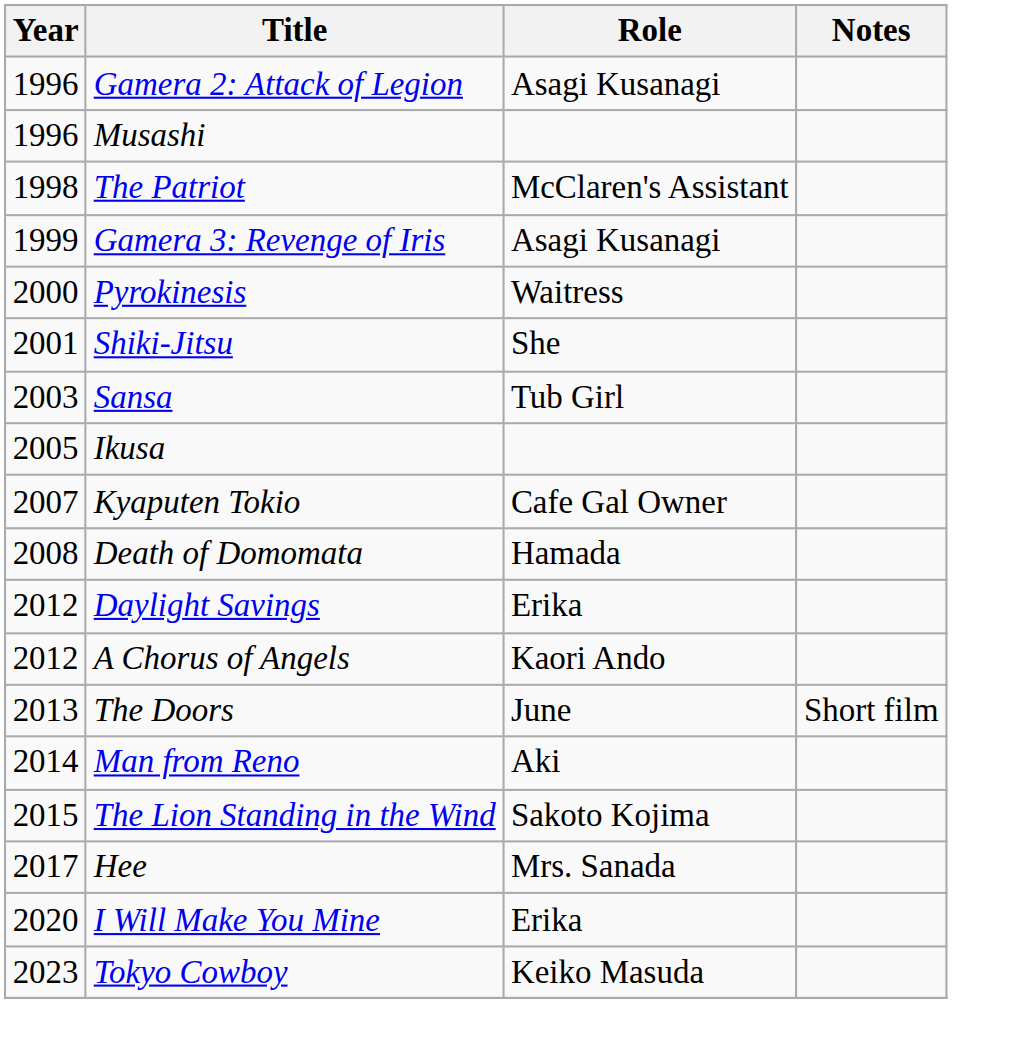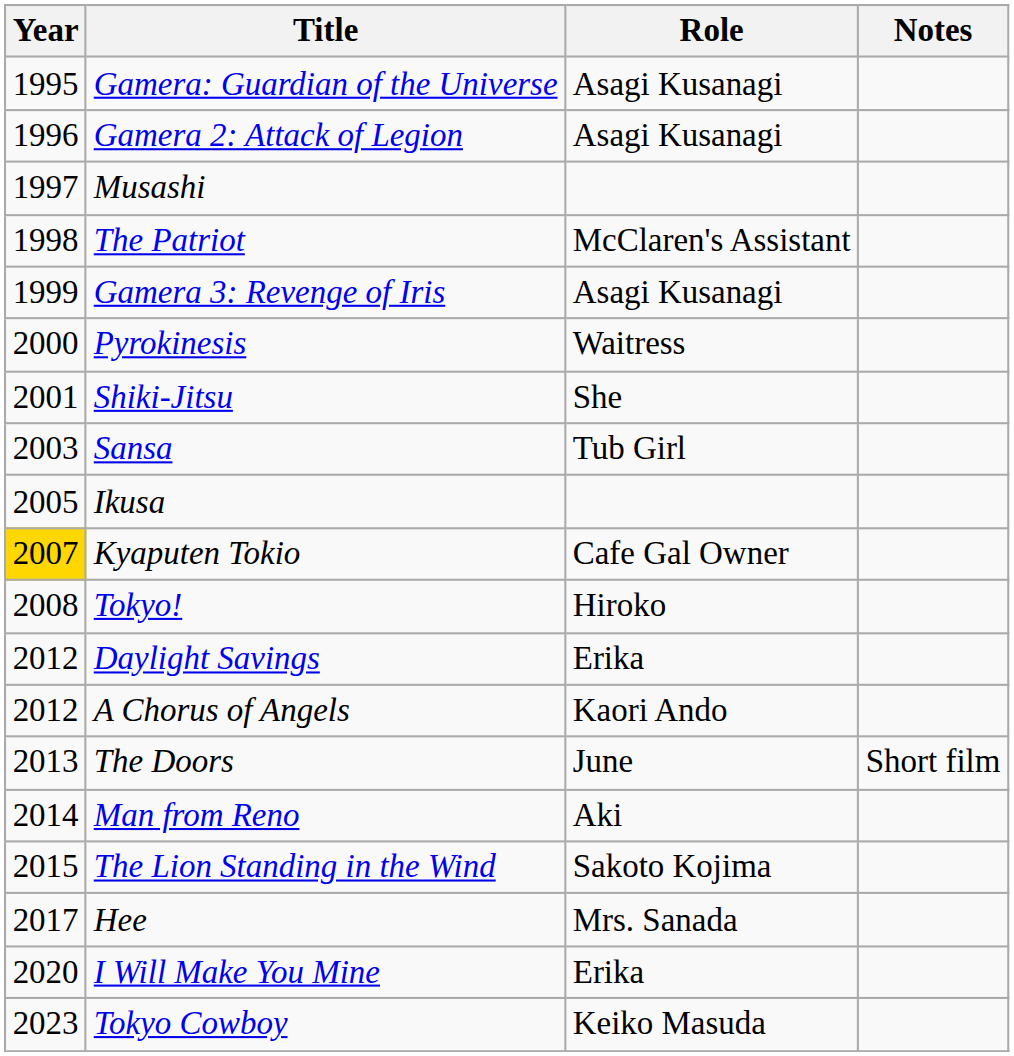 <table class="wikitable sortable">
 <tr>
 <th>Year</th>
 <th>Title</th>
 <th>Role</th>
 <th>Notes</th>
 </tr>
 <tr>
+<td>1995</td>
+<td><em><a href='#'>Gamera: Guardian of the Universe</a></em></td>
+<td>Asagi Kusanagi</td>
+<td></td>
+</tr>
+<tr>
 <td>1996</td>
 <td><em><a href='#'>Gamera 2: Attack of Legion</a></em></td>
 <td>Asagi Kusanagi</td>
 <td></td>
 </tr>
 <tr>
-<td>1996</td>
+<td>1997</td>
 <td><em>Musashi</em></td>
 <td></td>
 <td></td>
 </tr>
 <tr>
 <td>1998</td>
 <td><em><a href='#'>The Patriot</a></em></td>
 <td>McClaren's Assistant</td>
 <td></td>
 </tr>
 <tr>
 <td>1999</td>
 <td><em><a href='#'>Gamera 3: Revenge of Iris</a></em></td>
 <td>Asagi Kusanagi</td>
 <td></td>
 </tr>
 <tr>
 <td>2000</td>
 <td><em><a href='#'>Pyrokinesis</a></em></td>
 <td>Waitress</td>
 <td></td>
 </tr>
 <tr>
 <td>2001</td>
 <td><em><a href='#'>Shiki-Jitsu</a></em></td>
 <td>She</td>
 <td></td>
 </tr>
 <tr>
 <td>2003</td>
 <td><em><a href='#'>Sansa</a></em></td>
 <td>Tub Girl</td>
 <td></td>
 </tr>
 <tr>
 <td>2005</td>
 <td><em>Ikusa</em></td>
 <td></td>
 <td></td>
 </tr>
 <tr>
-<td>2007</td>
+<td style="background: gold;">2007</td>
 <td><em>Kyaputen Tokio</em></td>
 <td>Cafe Gal Owner</td>
 <td></td>
 </tr>
 <tr>
 <td>2008</td>
-<td><em>Death of Domomata</em></td>
-<td>Hamada</td>
+<td><em><a href='#'>Tokyo!</a></em></td>
+<td>Hiroko</td>
 <td></td>
 </tr>
 <tr>
 <td>2012</td>
 <td><em><a href='#'>Daylight Savings</a></em></td>
 <td>Erika</td>
 <td></td>
 </tr>
 <tr>
 <td>2012</td>
 <td><em>A Chorus of Angels</em></td>
 <td>Kaori Ando</td>
 <td></td>
 </tr>
 <tr>
 <td>2013</td>
 <td><em>The Doors</em></td>
 <td>June</td>
 <td>Short film</td>
 </tr>
 <tr>
 <td>2014</td>
 <td><em><a href='#'>Man from Reno</a></em></td>
 <td>Aki</td>
 <td></td>
 </tr>
 <tr>
 <td>2015</td>
 <td><em><a href='#'>The Lion Standing in the Wind</a></em></td>
 <td>Sakoto Kojima</td>
 <td></td>
 </tr>
 <tr>
 <td>2017</td>
 <td><em>Hee</em></td>
 <td>Mrs. Sanada</td>
 <td></td>
 </tr>
 <tr>
 <td>2020</td>
 <td><em><a href='#'>I Will Make You Mine</a></em></td>
 <td>Erika</td>
 <td></td>
 </tr>
 <tr>
 <td>2023</td>
 <td><em><a href='#'>Tokyo Cowboy</a></em></td>
 <td>Keiko Masuda</td>
 <td></td>
 </tr>
 <tr>
 </tr>
 </table>
